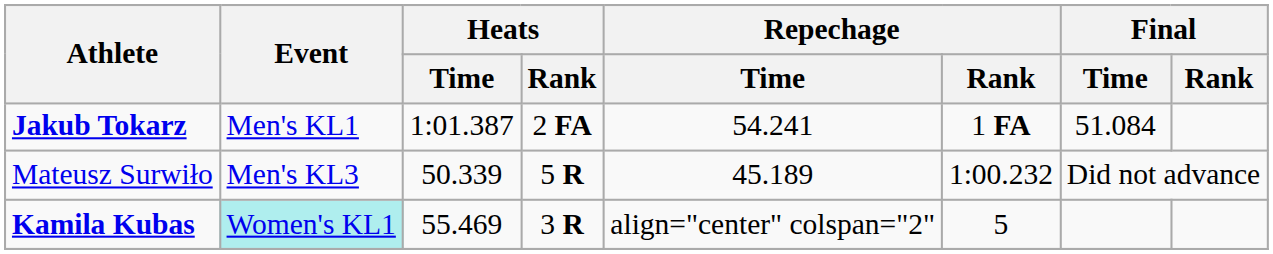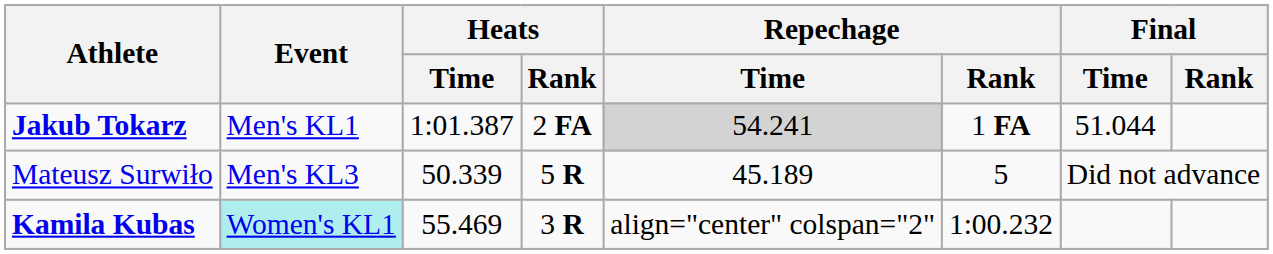 <table class="wikitable" style="font-size:90%">
 <tr>
 <th rowspan="2">Athlete</th>
 <th rowspan="2">Event</th>
 <th colspan="2">Heats</th>
 <th colspan="2">Repechage</th>
 <th colspan="2">Final</th>
 </tr>
 <tr>
 <th>Time</th>
 <th>Rank</th>
 <th>Time</th>
 <th>Rank</th>
 <th>Time</th>
 <th>Rank</th>
 </tr>
 <tr>
 <td><strong><a href='#'>Jakub Tokarz</a></strong></td>
 <td><a href='#'>Men's KL1</a></td>
 <td align="center">1:01.387</td>
 <td align="center">2 <strong>FA</strong></td>
-<td align="center">54.241</td>
+<td align="center" style="background: lightgrey;">54.241</td>
 <td align="center">1 <strong>FA</strong></td>
-<td align="center">51.084</td>
+<td align="center">51.044</td>
 <td align="center"></td>
 </tr>
 <tr>
 <td><a href='#'>Mateusz Surwiło</a></td>
 <td><a href='#'>Men's KL3</a></td>
 <td align="center">50.339</td>
 <td align="center">5 <strong>R</strong></td>
 <td align="center">45.189</td>
-<td align="center">1:00.232</td>
+<td align="center">5</td>
 <td colspan=2>Did not advance</td>
 </tr>
 <tr>
 <td><strong><a href='#'>Kamila Kubas</a></strong></td>
 <td style="background: paleturquoise;"><a href='#'>Women's KL1</a></td>
 <td align="center">55.469</td>
 <td align="center">3 <strong>R</strong></td>
 <td>align="center" colspan="2" </td>
-<td align="center">5</td>
+<td align="center">1:00.232</td>
 <td align="center"></td>
 </tr>
 <tr>
 </tr>
 </table>
